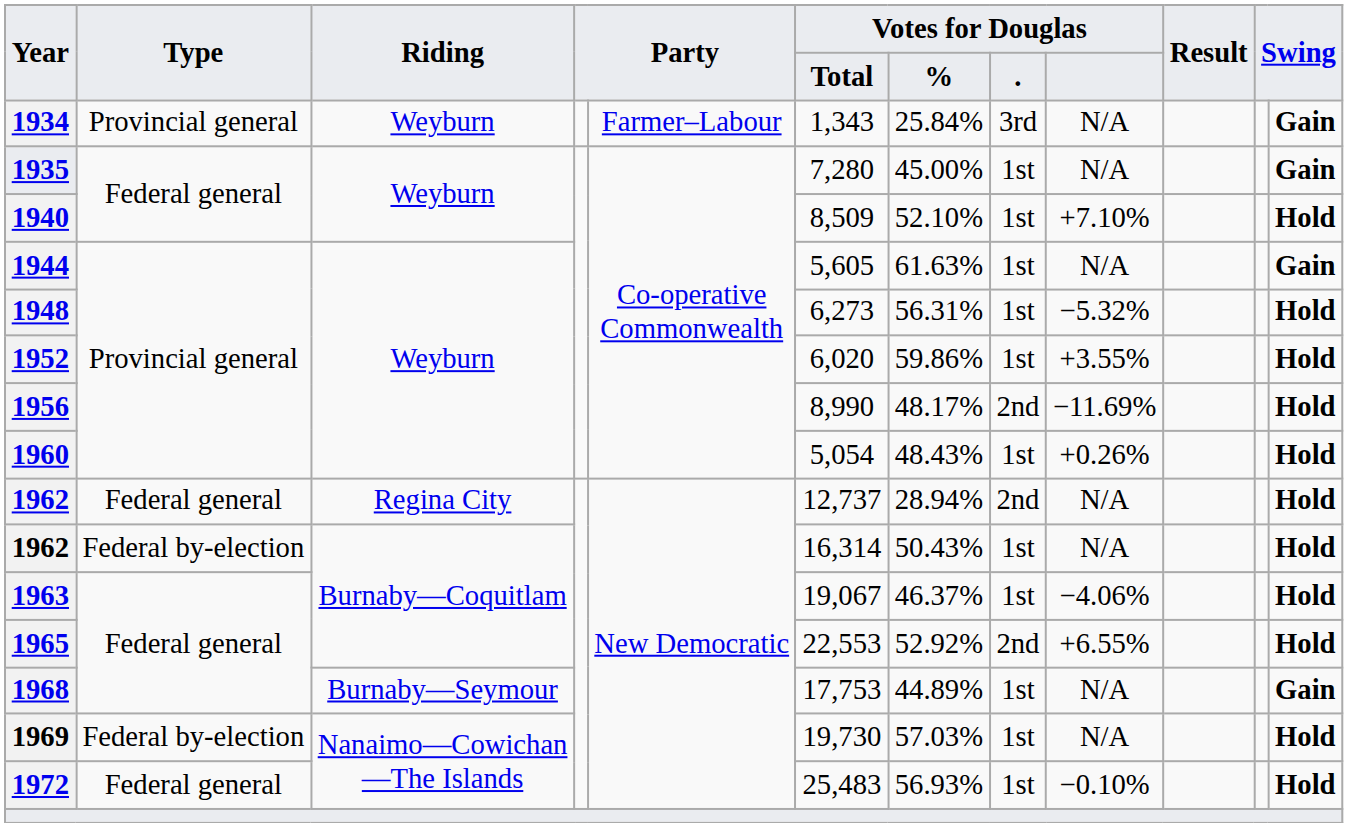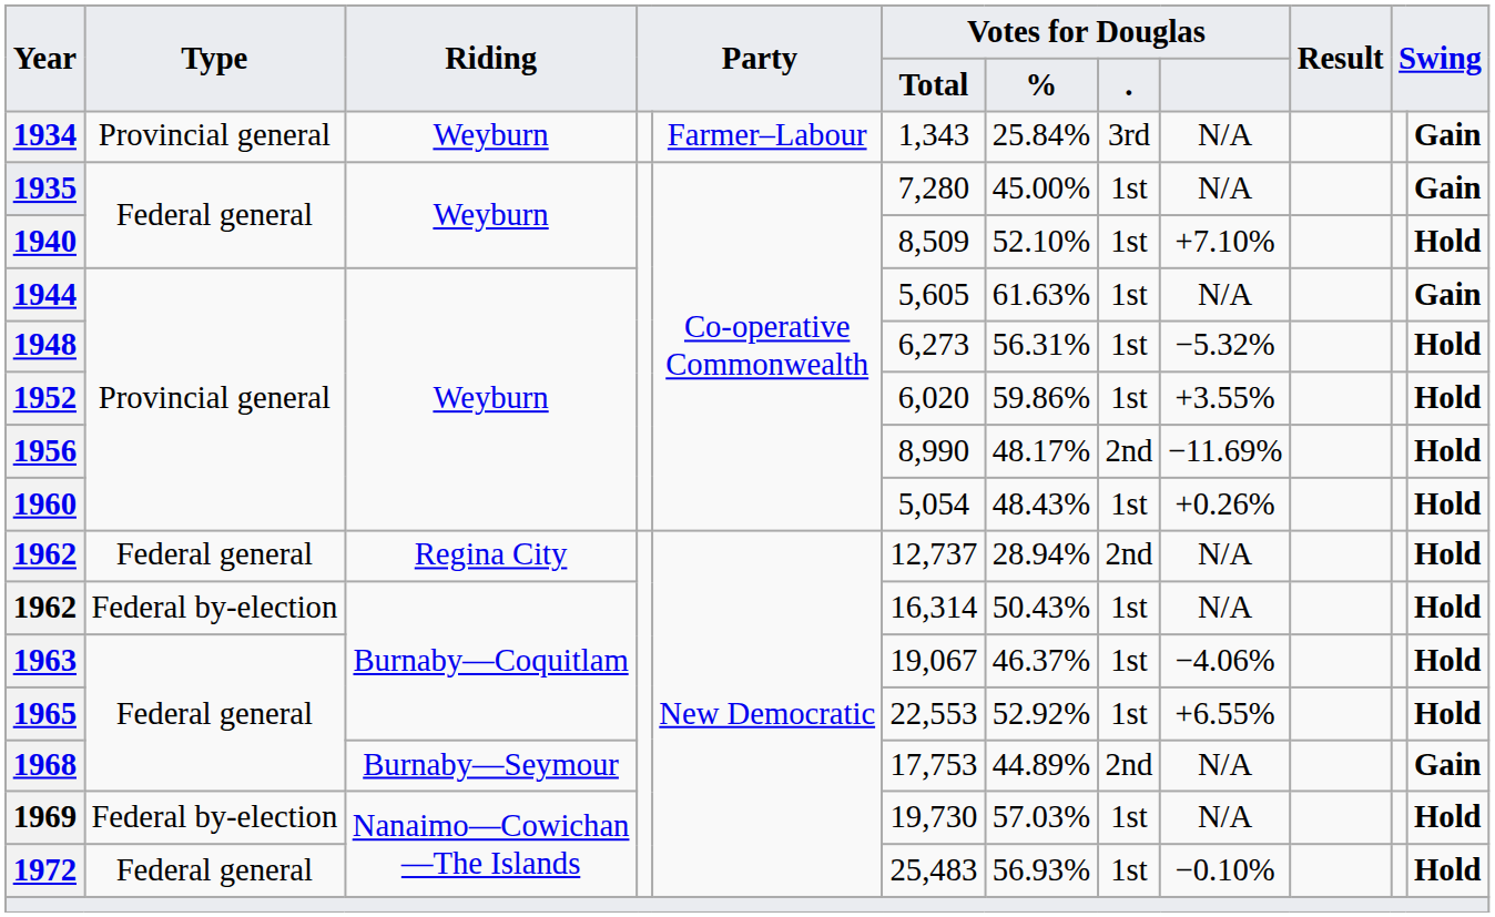 <table class="wikitable" style="font-size:90%; text-align:center;">
 <tr>
 <th rowspan="2" style="background:#eaecf0;">Year</th>
 <th rowspan="2" style="background:#eaecf0;">Type</th>
 <th rowspan="2" style="background:#eaecf0;">Riding</th>
 <th colspan="2" rowspan="2" style="background:#eaecf0;">Party</th>
 <th colspan="4" style="background:#eaecf0;">Votes for Douglas</th>
 <th rowspan="2" style="background:#eaecf0;">Result</th>
 <th colspan="2" rowspan="2" style="background:#eaecf0;"><a href='#'>Swing</a></th>
 </tr>
 <tr>
 <th style="background:#eaecf0;">Total</th>
 <th style="background:#eaecf0;">%</th>
 <th style="background:#eaecf0;">.</th>
 <th style="background:#eaecf0;"></th>
 </tr>
 <tr>
 <th><a href='#'>1934</a></th>
 <td>Provincial general</td>
 <td><a href='#'>Weyburn</a></td>
 <td style="background-color:"></td>
 <td><a href='#'>Farmer–Labour</a></td>
 <td>1,343</td>
 <td>25.84%</td>
 <td>3rd</td>
 <td>N/A</td>
 <td></td>
 <td style="background-color:"></td>
 <td><strong>Gain</strong></td>
 </tr>
 <tr>
 <th style="background:#eaecf0;"><a href='#'>1935</a></th>
 <td rowspan="2">Federal general</td>
 <td rowspan="2"><a href='#'>Weyburn</a></td>
 <td rowspan="7" style="background-color:"></td>
 <td rowspan="7"><a href='#'>Co-operative<br>Commonwealth</a></td>
 <td>7,280</td>
 <td>45.00%</td>
 <td>1st</td>
 <td>N/A</td>
 <td></td>
 <td style="background-color:"></td>
 <td><strong>Gain</strong></td>
 </tr>
 <tr>
 <th><a href='#'>1940</a></th>
 <td>8,509</td>
 <td>52.10%</td>
 <td>1st</td>
 <td>+7.10%</td>
 <td></td>
 <td style="background-color:"></td>
 <td><strong>Hold</strong></td>
 </tr>
 <tr>
 <th><a href='#'>1944</a></th>
 <td rowspan="5">Provincial general</td>
 <td rowspan="5"><a href='#'>Weyburn</a></td>
 <td>5,605</td>
 <td>61.63%</td>
 <td>1st</td>
 <td>N/A</td>
 <td></td>
 <td style="background-color:"></td>
 <td><strong>Gain</strong></td>
 </tr>
 <tr>
 <th><a href='#'>1948</a></th>
 <td>6,273</td>
 <td>56.31%</td>
 <td>1st</td>
 <td>−5.32%</td>
 <td></td>
 <td style="background-color:"></td>
 <td><strong>Hold</strong></td>
 </tr>
 <tr>
 <th><a href='#'>1952</a></th>
 <td>6,020</td>
 <td>59.86%</td>
 <td>1st</td>
 <td>+3.55%</td>
 <td></td>
 <td style="background-color:"></td>
 <td><strong>Hold</strong></td>
 </tr>
 <tr>
 <th><a href='#'>1956</a></th>
 <td>8,990</td>
 <td>48.17%</td>
 <td>2nd</td>
 <td>−11.69%</td>
 <td></td>
 <td style="background-color:"></td>
 <td><strong>Hold</strong></td>
 </tr>
 <tr>
 <th><a href='#'>1960</a></th>
 <td>5,054</td>
 <td>48.43%</td>
 <td>1st</td>
 <td>+0.26%</td>
 <td></td>
 <td style="background-color:"></td>
 <td><strong>Hold</strong></td>
 </tr>
 <tr>
 <th><a href='#'>1962</a></th>
 <td>Federal general</td>
 <td><a href='#'>Regina City</a></td>
 <td rowspan="7" style="background-color:"></td>
 <td rowspan="7"><a href='#'>New Democratic</a></td>
 <td>12,737</td>
 <td>28.94%</td>
 <td>2nd</td>
 <td>N/A</td>
 <td></td>
 <td style="background-color:"></td>
 <td><strong>Hold</strong></td>
 </tr>
 <tr>
 <th>1962</th>
 <td>Federal by-election</td>
 <td rowspan="3"><a href='#'>Burnaby—Coquitlam</a></td>
 <td>16,314</td>
 <td>50.43%</td>
 <td>1st</td>
 <td>N/A</td>
 <td></td>
 <td style="background-color:"></td>
 <td><strong>Hold</strong></td>
 </tr>
 <tr>
 <th><a href='#'>1963</a></th>
 <td rowspan="3">Federal general</td>
 <td>19,067</td>
 <td>46.37%</td>
 <td>1st</td>
 <td>−4.06%</td>
 <td></td>
 <td style="background-color:"></td>
 <td><strong>Hold</strong></td>
 </tr>
 <tr>
 <th><a href='#'>1965</a></th>
 <td>22,553</td>
 <td>52.92%</td>
-<td>2nd</td>
+<td>1st</td>
 <td>+6.55%</td>
 <td></td>
 <td style="background-color:"></td>
 <td><strong>Hold</strong></td>
 </tr>
 <tr>
 <th><a href='#'>1968</a></th>
 <td><a href='#'>Burnaby—Seymour</a></td>
 <td>17,753</td>
 <td>44.89%</td>
-<td>1st</td>
+<td>2nd</td>
 <td>N/A</td>
 <td></td>
 <td style="background-color:"></td>
 <td><strong>Gain</strong></td>
 </tr>
 <tr>
 <th>1969</th>
 <td>Federal by-election</td>
 <td rowspan="2"><a href='#'>Nanaimo—Cowichan<br>—The Islands</a></td>
 <td>19,730</td>
 <td>57.03%</td>
 <td>1st</td>
 <td>N/A</td>
 <td></td>
 <td style="background-color:"></td>
 <td><strong>Hold</strong></td>
 </tr>
 <tr>
 <th><a href='#'>1972</a></th>
 <td>Federal general</td>
 <td>25,483</td>
 <td>56.93%</td>
 <td>1st</td>
 <td>−0.10%</td>
 <td></td>
 <td style="background-color:"></td>
 <td><strong>Hold</strong></td>
 </tr>
 <tr>
 <th colspan="12" style="background:#eaecf0;"></th>
 </tr>
 </table>
